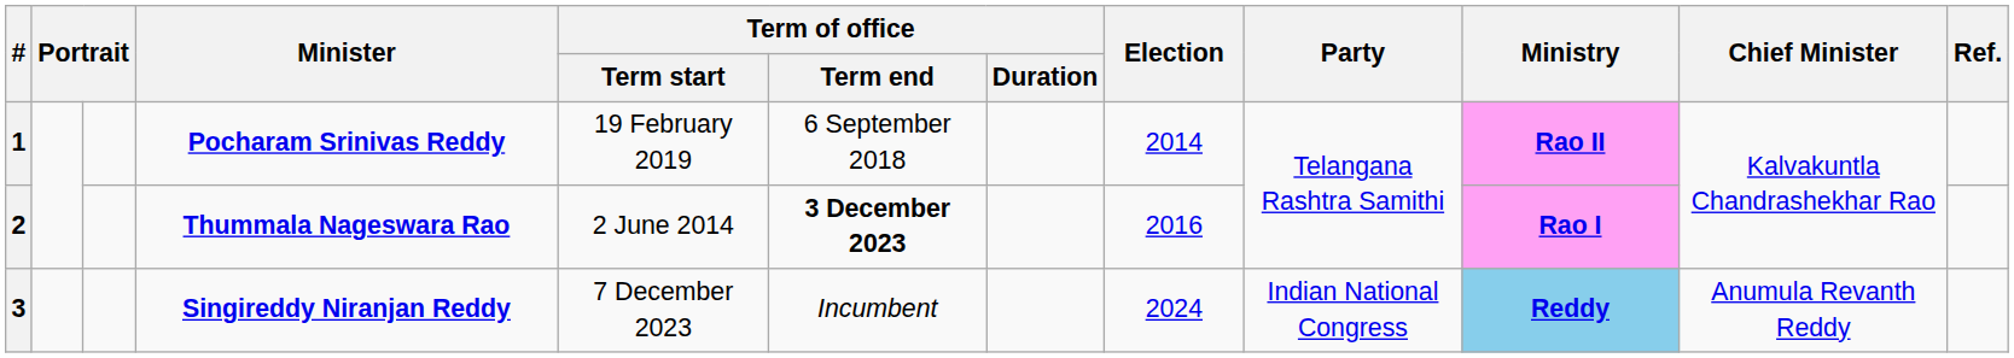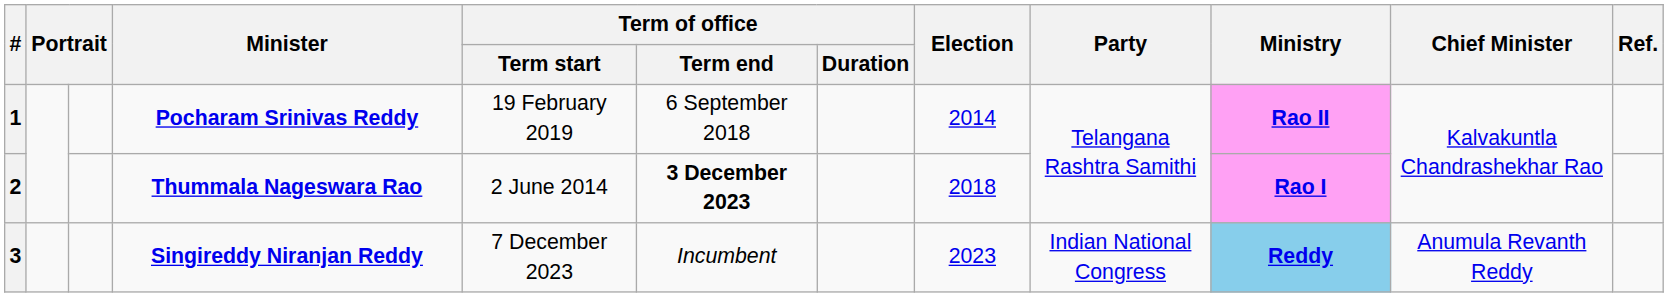 <table class="wikitable" style="line-height:1.4em; text-align:center">
 <tr>
 <th rowspan=2>#</th>
 <th rowspan=2 colspan="2">Portrait</th>
 <th rowspan=2 style="width:16em">Minister<br></th>
 <th colspan="3">Term of office</th>
 <th rowspan=2 style="width:5em">Election<br></th>
 <th rowspan=2 style="width:8em">Party</th>
 <th rowspan=2 style="width:8em">Ministry</th>
 <th rowspan=2 style="width:10em">Chief Minister</th>
 <th rowspan=2>Ref.</th>
 </tr>
 <tr>
 <th>Term start</th>
 <th>Term end</th>
 <th>Duration</th>
 </tr>
 <tr>
 <th>1</th>
 <td rowspan=2></td>
 <td></td>
 <td><strong><a href='#'>Pocharam Srinivas Reddy</a></strong><br></td>
 <td>19 February 2019</td>
 <td>6 September 2018</td>
 <td><strong></strong></td>
 <td><a href='#'>2014</a><br></td>
 <td rowspan="2"><a href='#'>Telangana Rashtra Samithi</a></td>
 <td bgcolor="#FFA1F4"><strong><a href='#'>Rao II</a></strong></td>
 <td rowspan="2"><a href='#'>Kalvakuntla Chandrashekhar Rao</a></td>
 <td></td>
 </tr>
 <tr>
 <th>2</th>
 <td></td>
 <td><strong><a href='#'>Thummala Nageswara Rao</a></strong><br></td>
 <td>2 June 2014</td>
 <td><strong>3 December 2023</strong></td>
 <td><strong></strong></td>
-<td><a href='#'>2016</a><br></td>
+<td><a href='#'>2018</a><br></td>
 <td bgcolor="#FFA1F4"><strong><a href='#'>Rao I</a></strong></td>
 <td></td>
 </tr>
 <tr>
 <th>3</th>
 <td></td>
 <td></td>
 <td><strong><a href='#'>Singireddy Niranjan Reddy</a></strong><br></td>
 <td>7 December 2023</td>
 <td><em>Incumbent</em></td>
 <td><strong></strong></td>
-<td><a href='#'>2024</a><br></td>
+<td><a href='#'>2023</a><br></td>
 <td><a href='#'>Indian National Congress</a></td>
 <td bgcolor="#87CEEB"><strong><a href='#'>Reddy</a></strong></td>
 <td><a href='#'>Anumula Revanth Reddy</a></td>
 <td></td>
 </tr>
 </table>
